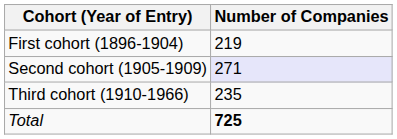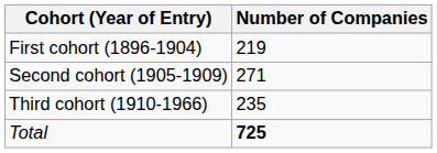 <table class="wikitable">
 <tr>
 <th>Cohort (Year of Entry)</th>
 <th>Number of Companies</th>
 </tr>
 <tr>
 <td>First cohort (1896-1904)</td>
 <td>219</td>
 </tr>
 <tr>
 <td>Second cohort (1905-1909)</td>
-<td style="background: lavender;">271</td>
+<td>271</td>
 </tr>
 <tr>
 <td>Third cohort (1910-1966)</td>
 <td>235</td>
 </tr>
 <tr>
 <td><em>Total</em></td>
 <td><strong>725</strong></td>
 </tr>
 </table>
